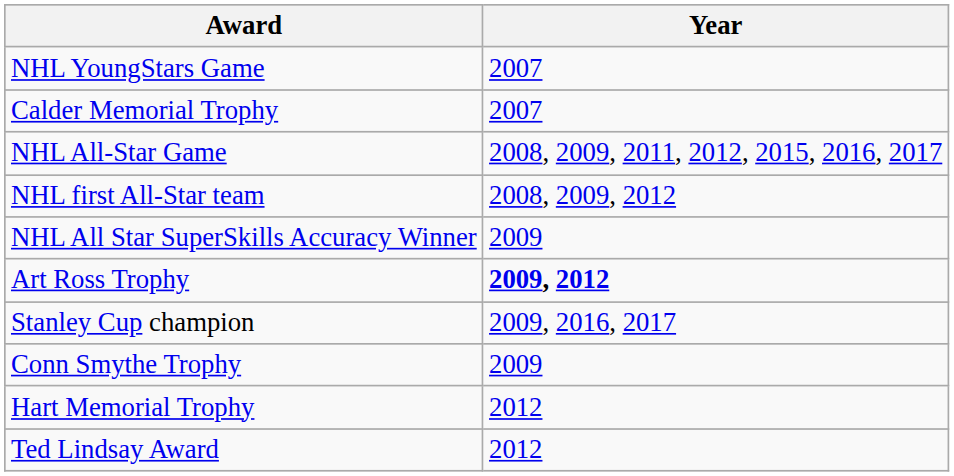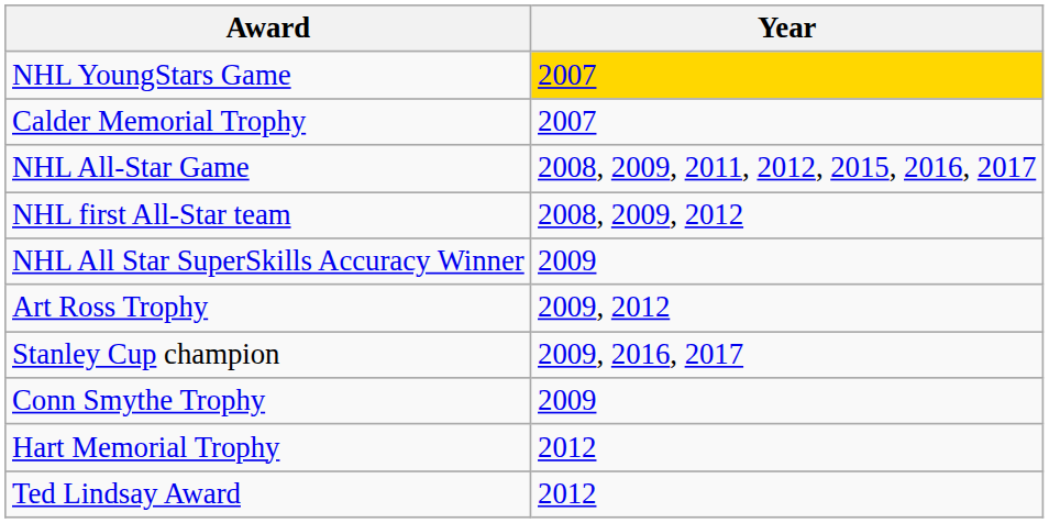 <table class="wikitable">
 <tr>
 <th scope="col">Award</th>
 <th scope="col">Year</th>
 </tr>
 <tr>
 <td><a href='#'>NHL YoungStars Game</a></td>
-<td><a href='#'>2007</a></td>
+<td style="background: gold;"><a href='#'>2007</a></td>
 </tr>
 <tr>
 <td><a href='#'>Calder Memorial Trophy</a></td>
 <td><a href='#'>2007</a></td>
 </tr>
 <tr>
 <td><a href='#'>NHL All-Star Game</a></td>
 <td><a href='#'>2008</a>, <a href='#'>2009</a>, <a href='#'>2011</a>, <a href='#'>2012</a>, <a href='#'>2015</a>, <a href='#'>2016</a>, <a href='#'>2017</a></td>
 </tr>
 <tr>
 <td><a href='#'>NHL first All-Star team</a></td>
 <td><a href='#'>2008</a>, <a href='#'>2009</a>, <a href='#'>2012</a></td>
 </tr>
 <tr>
 <td><a href='#'>NHL All Star SuperSkills Accuracy Winner</a></td>
 <td><a href='#'>2009</a></td>
 </tr>
 <tr>
 <td><a href='#'>Art Ross Trophy</a></td>
-<td><strong><a href='#'>2009</a>, <a href='#'>2012</a></strong></td>
+<td><a href='#'>2009</a>, <a href='#'>2012</a></td>
 </tr>
 <tr>
 <td><a href='#'>Stanley Cup</a> champion</td>
 <td><a href='#'>2009</a>, <a href='#'>2016</a>, <a href='#'>2017</a></td>
 </tr>
 <tr>
 <td><a href='#'>Conn Smythe Trophy</a></td>
 <td><a href='#'>2009</a></td>
 </tr>
 <tr>
 <td><a href='#'>Hart Memorial Trophy</a></td>
 <td><a href='#'>2012</a></td>
 </tr>
 <tr>
 <td><a href='#'>Ted Lindsay Award</a></td>
 <td><a href='#'>2012</a></td>
 </tr>
 </table>
